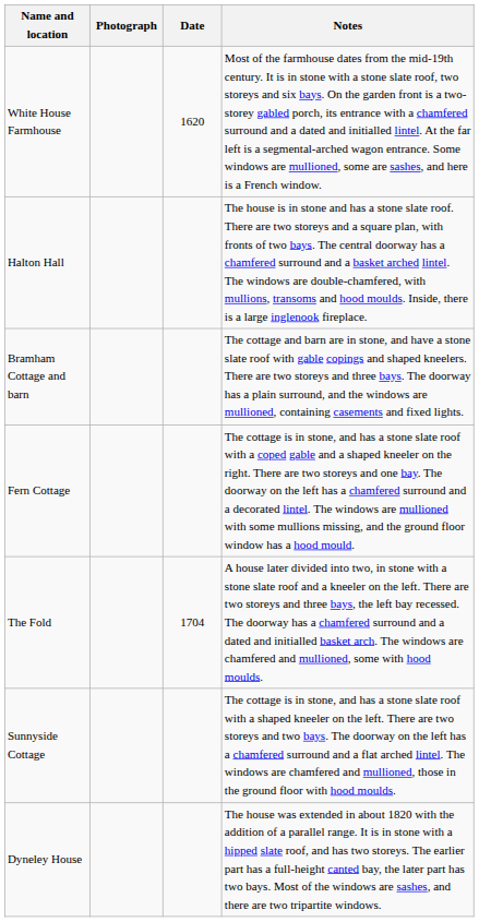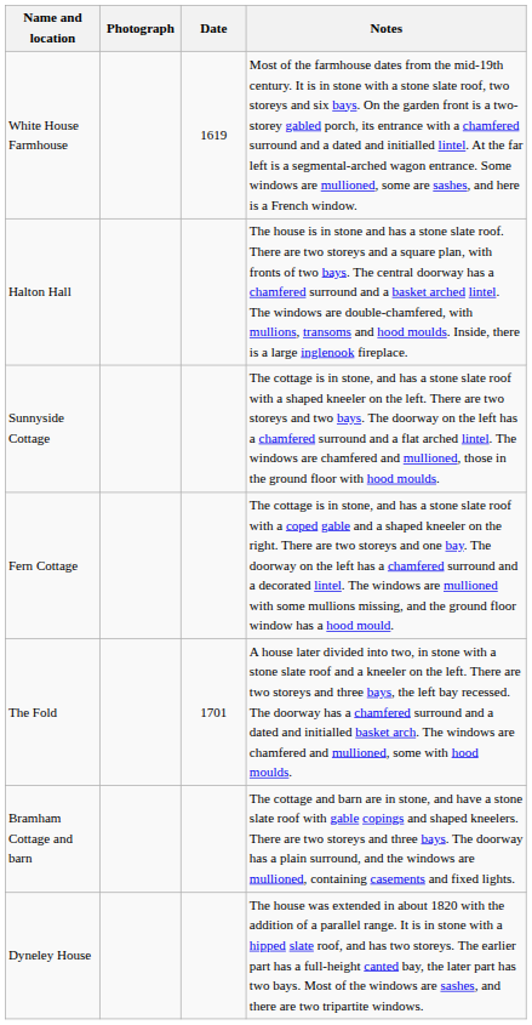 <table class="wikitable sortable plainrowheaders" style="width:100%;border:0px;text-align:left;line-height:150%;">
 <tr>
 <th scope="col"  style="width:150px">Name and location</th>
 <th scope="col"  style="width:100px" class="unsortable">Photograph</th>
 <th scope="col"  style="width:120px">Date</th>
 <th scope="col"  style="width:650px" class="unsortable">Notes</th>
 </tr>
 <tr>
 <td>White House Farmhouse<br><small></small></td>
 <td></td>
-<td align="center">1620</td>
+<td align="center">1619</td>
 <td>Most of the farmhouse dates from the mid-19th century.  It is in stone with a stone slate roof, two storeys and six <a href='#'>bays</a>.  On the garden front is a two-storey <a href='#'>gabled</a> porch, its entrance with a <a href='#'>chamfered</a> surround and a dated and initialled <a href='#'>lintel</a>.  At the far left is a segmental-arched wagon entrance.  Some windows are <a href='#'>mullioned</a>, some are <a href='#'>sashes</a>, and here is a French window.</td>
 </tr>
 <tr>
 <td>Halton Hall<br><small></small></td>
 <td></td>
 <td align="center"></td>
 <td>The house is in stone and has a stone slate roof.  There are two storeys and a square plan, with fronts of two <a href='#'>bays</a>.  The central doorway has a <a href='#'>chamfered</a> surround and a <a href='#'>basket arched</a> <a href='#'>lintel</a>.  The windows are double-chamfered, with <a href='#'>mullions</a>, <a href='#'>transoms</a> and <a href='#'>hood moulds</a>.  Inside, there is a large <a href='#'>inglenook</a> fireplace.</td>
 </tr>
 <tr>
-<td>Bramham Cottage and barn<br><small></small></td>
+<td>Sunnyside Cottage<br><small></small></td>
 <td></td>
 <td align="center"></td>
-<td>The cottage and barn are in stone, and have a stone slate roof with <a href='#'>gable</a> <a href='#'>copings</a> and shaped kneelers.  There are two storeys and three <a href='#'>bays</a>.  The doorway has a plain surround, and the windows are <a href='#'>mullioned</a>, containing <a href='#'>casements</a> and fixed lights.</td>
+<td>The cottage is in stone, and has a stone slate roof with a shaped kneeler on the left.  There are two storeys and two <a href='#'>bays</a>.  The doorway on the left has a <a href='#'>chamfered</a> surround and a flat arched <a href='#'>lintel</a>.  The windows are chamfered and <a href='#'>mullioned</a>, those in the ground floor with <a href='#'>hood moulds</a>.</td>
 </tr>
 <tr>
 <td>Fern Cottage<br><small></small></td>
 <td></td>
 <td align="center"></td>
 <td>The cottage is in stone, and has a stone slate roof with a <a href='#'>coped</a> <a href='#'>gable</a> and a shaped kneeler on the right.  There are two storeys and one <a href='#'>bay</a>.  The doorway on the left has a <a href='#'>chamfered</a> surround and a decorated <a href='#'>lintel</a>.  The windows are <a href='#'>mullioned</a> with some mullions missing, and the ground floor window has a <a href='#'>hood mould</a>.</td>
 </tr>
 <tr>
 <td>The Fold<br><small></small></td>
 <td></td>
-<td align="center">1704</td>
+<td align="center">1701</td>
 <td>A house later divided into two, in stone with a stone slate roof and a kneeler on the left.  There are two storeys and three <a href='#'>bays</a>, the left bay recessed.  The doorway has a <a href='#'>chamfered</a> surround and a dated and initialled <a href='#'>basket arch</a>.  The windows are chamfered and <a href='#'>mullioned</a>, some with <a href='#'>hood moulds</a>.</td>
 </tr>
 <tr>
-<td>Sunnyside Cottage<br><small></small></td>
+<td>Bramham Cottage and barn<br><small></small></td>
 <td></td>
 <td align="center"></td>
-<td>The cottage is in stone, and has a stone slate roof with a shaped kneeler on the left.  There are two storeys and two <a href='#'>bays</a>.  The doorway on the left has a <a href='#'>chamfered</a> surround and a flat arched <a href='#'>lintel</a>.  The windows are chamfered and <a href='#'>mullioned</a>, those in the ground floor with <a href='#'>hood moulds</a>.</td>
+<td>The cottage and barn are in stone, and have a stone slate roof with <a href='#'>gable</a> <a href='#'>copings</a> and shaped kneelers.  There are two storeys and three <a href='#'>bays</a>.  The doorway has a plain surround, and the windows are <a href='#'>mullioned</a>, containing <a href='#'>casements</a> and fixed lights.</td>
 </tr>
 <tr>
 <td>Dyneley House<br><small></small></td>
 <td></td>
 <td align="center"></td>
 <td>The house was extended in about 1820 with the addition of a parallel range.  It is in stone with a <a href='#'>hipped</a> <a href='#'>slate</a> roof, and has two storeys.  The earlier part has a full-height <a href='#'>canted</a> bay, the later part has two bays.  Most of the windows are <a href='#'>sashes</a>, and there are two tripartite windows.</td>
 </tr>
 <tr>
 </tr>
 </table>
